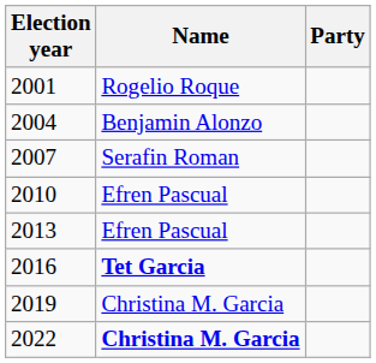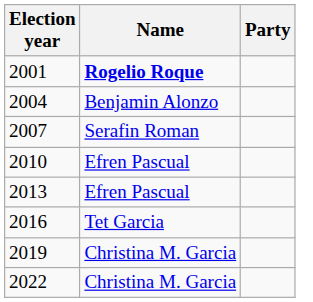 <table class=wikitable>
 <tr>
 <th>Election<br>year</th>
 <th>Name</th>
 <th colspan=2>Party</th>
 </tr>
 <tr>
 <td>2001</td>
-<td><a href='#'>Rogelio Roque</a></td>
+<td><strong><a href='#'>Rogelio Roque</a></strong></td>
 <td></td>
 </tr>
 <tr>
 <td>2004</td>
 <td><a href='#'>Benjamin Alonzo</a></td>
 <td></td>
 </tr>
 <tr>
 <td>2007</td>
 <td><a href='#'>Serafin Roman</a></td>
 <td></td>
 </tr>
 <tr>
 <td>2010</td>
 <td><a href='#'>Efren Pascual</a></td>
 <td></td>
 </tr>
 <tr>
 <td>2013</td>
 <td><a href='#'>Efren Pascual</a></td>
 <td></td>
 </tr>
 <tr>
 <td>2016</td>
-<td><strong><a href='#'>Tet Garcia</a></strong></td>
+<td><a href='#'>Tet Garcia</a></td>
 <td></td>
 </tr>
 <tr>
 <td>2019</td>
 <td><a href='#'>Christina M. Garcia</a></td>
 <td></td>
 </tr>
 <tr>
 <td>2022</td>
-<td><strong><a href='#'>Christina M. Garcia</a></strong></td>
+<td><a href='#'>Christina M. Garcia</a></td>
 <td></td>
 </tr>
 </table>
